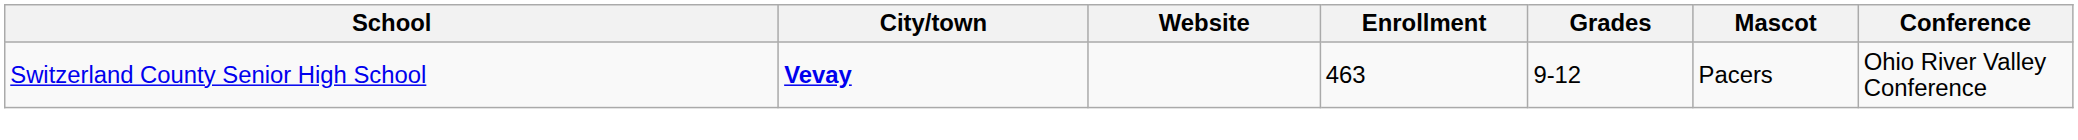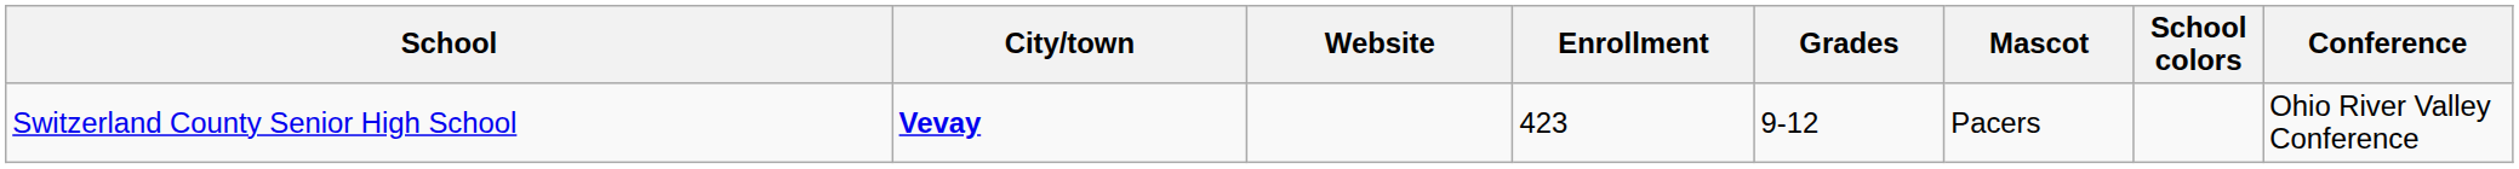 <table class="wikitable sortable" width="70%">
 <tr>
 <th width="20%">School</th>
 <th width="08%">City/town</th>
 <th width="06%">Website</th>
 <th width="04%">Enrollment</th>
 <th width="04%">Grades</th>
 <th width="04%">Mascot</th>
+<th width=01%>School colors</th>
 <th width="04%">Conference</th>
 </tr>
 <tr>
 <td><a href='#'>Switzerland County Senior High School</a></td>
 <td><strong><a href='#'>Vevay</a></strong></td>
 <td></td>
-<td>463</td>
+<td>423</td>
 <td>9-12</td>
 <td>Pacers</td>
+<td>  </td>
 <td>Ohio River Valley Conference</td>
 </tr>
 </table>
